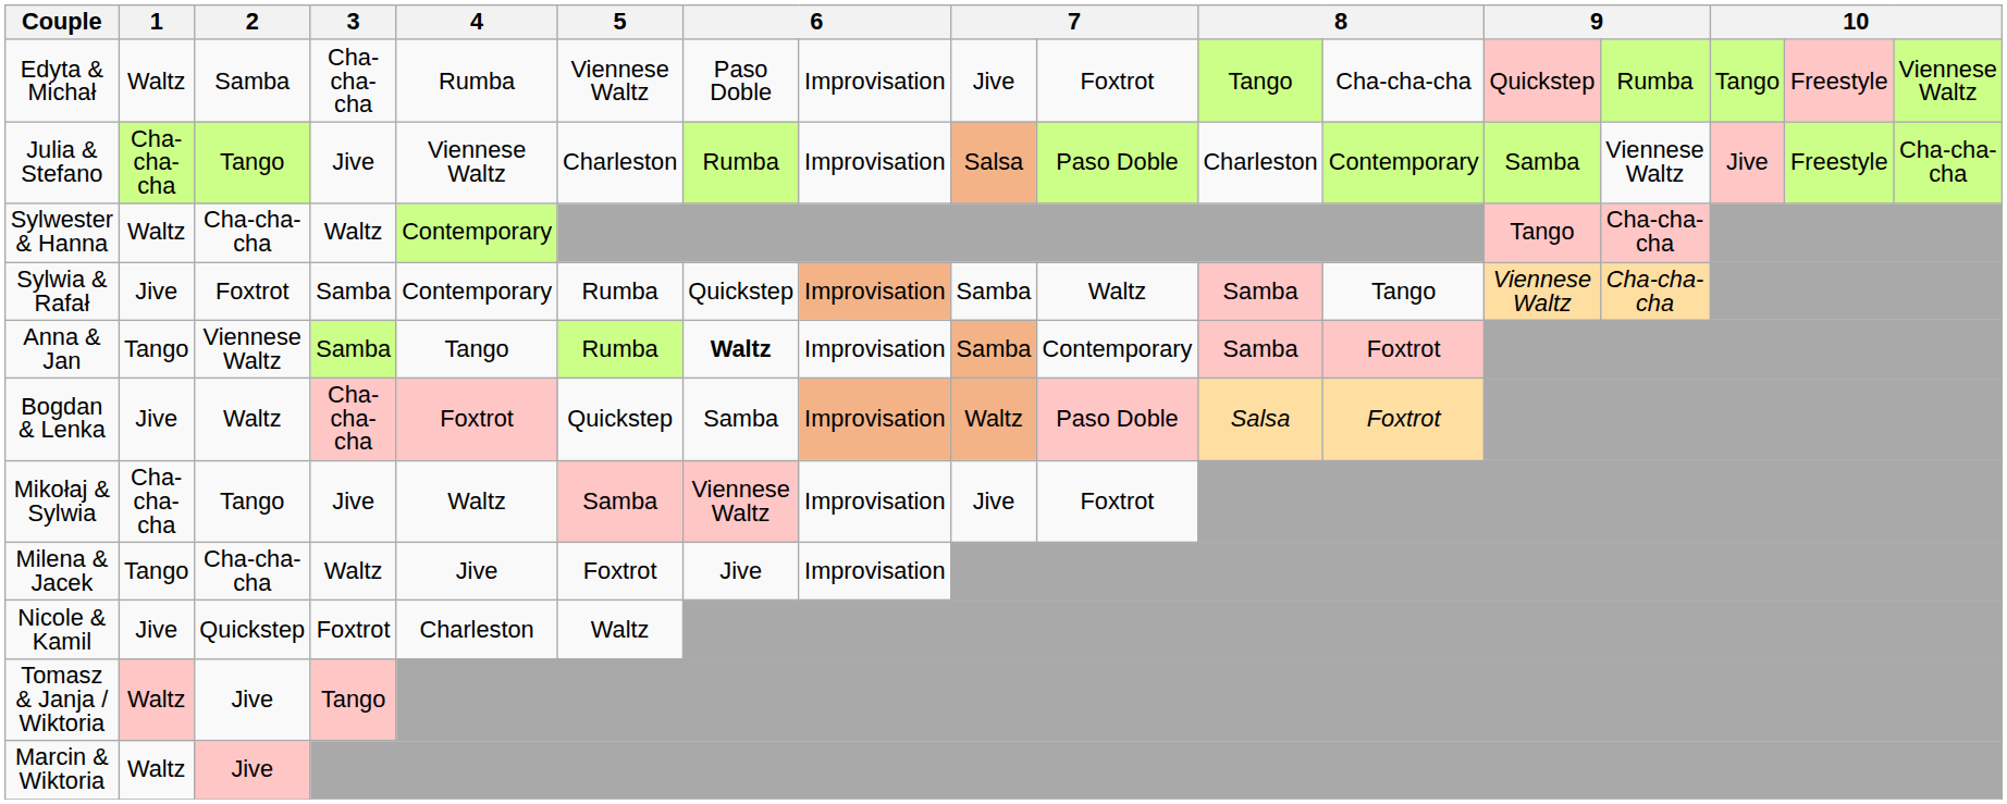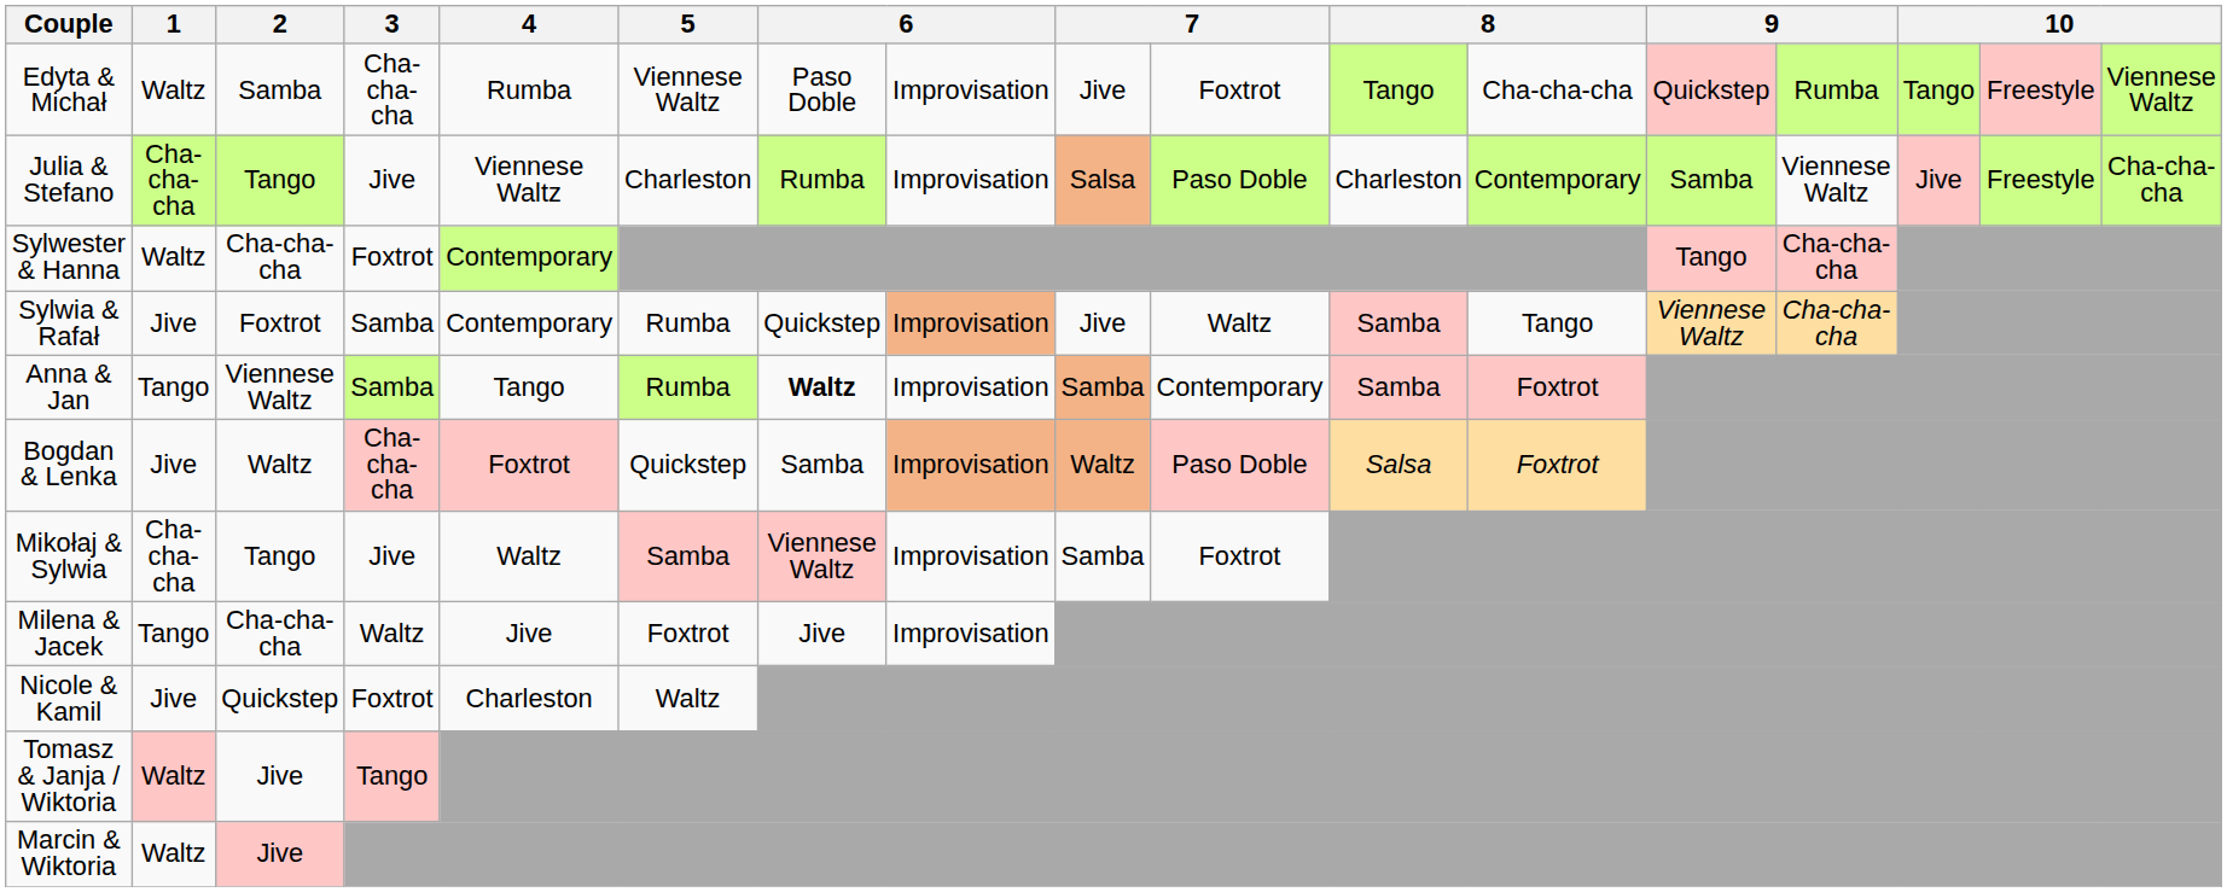 <table class="wikitable" style="text-align:center; font-size:100%; line-height:16px">
 <tr>
 <th>Couple</th>
 <th>1</th>
 <th>2</th>
 <th>3</th>
 <th>4</th>
 <th>5</th>
 <th colspan="2">6</th>
 <th colspan="2">7</th>
 <th colspan="2">8</th>
 <th colspan="2">9</th>
 <th colspan="3">10</th>
 </tr>
 <tr>
 <td>Edyta & Michał</td>
 <td>Waltz</td>
 <td>Samba</td>
 <td>Cha-cha-cha</td>
 <td>Rumba</td>
 <td>Viennese Waltz</td>
 <td>Paso Doble</td>
 <td>Improvisation</td>
 <td>Jive</td>
 <td>Foxtrot</td>
 <td style="background:#ccff88">Tango</td>
 <td>Cha-cha-cha</td>
 <td style="background:#ffc6c6">Quickstep</td>
 <td style="background:#ccff88">Rumba</td>
 <td style="background:#ccff88">Tango</td>
 <td style="background:#ffc6c6">Freestyle</td>
 <td style="background:#ccff88">Viennese Waltz</td>
 </tr>
 <tr>
 <td>Julia & Stefano</td>
 <td style="background:#ccff88">Cha-cha-cha</td>
 <td style="background:#ccff88">Tango</td>
 <td>Jive</td>
 <td>Viennese Waltz</td>
 <td>Charleston</td>
 <td style="background:#ccff88">Rumba</td>
 <td>Improvisation</td>
 <td style="background:#F3B387;">Salsa</td>
 <td style="background:#ccff88">Paso Doble</td>
 <td>Charleston</td>
 <td style="background:#ccff88">Contemporary</td>
 <td style="background:#ccff88">Samba</td>
 <td>Viennese Waltz</td>
 <td style="background:#ffc6c6">Jive</td>
 <td style="background:#ccff88">Freestyle</td>
 <td style="background:#ccff88">Cha-cha-cha</td>
 </tr>
 <tr>
 <td>Sylwester & Hanna</td>
 <td>Waltz</td>
 <td>Cha-cha-cha</td>
-<td>Waltz</td>
+<td>Foxtrot</td>
 <td style="background:#ccff88">Contemporary</td>
 <td colspan="7" style=background:darkgray></td>
 <td style="background:#ffc6c6">Tango</td>
 <td style="background:#ffc6c6">Cha-cha-cha</td>
 <td style="background:darkgrey;" colspan="4"></td>
 </tr>
 <tr>
 <td>Sylwia & Rafał</td>
 <td>Jive</td>
 <td>Foxtrot</td>
 <td>Samba</td>
 <td>Contemporary</td>
 <td>Rumba</td>
 <td>Quickstep</td>
 <td style="background:#F3B387;">Improvisation</td>
-<td>Samba</td>
+<td>Jive</td>
 <td>Waltz</td>
 <td style="background:#ffc6c6">Samba</td>
 <td>Tango</td>
 <td style="background:#FFDEA2;"><em>Viennese Waltz</em></td>
 <td style="background:#FFDEA2;"><em>Cha-cha-cha</em></td>
 <td style="background:darkgrey;" colspan="4"></td>
 </tr>
 <tr>
 <td>Anna & Jan</td>
 <td>Tango</td>
 <td>Viennese Waltz</td>
 <td style="background:#ccff88">Samba</td>
 <td>Tango</td>
 <td style="background:#ccff88">Rumba</td>
 <td><strong>Waltz</strong></td>
 <td>Improvisation</td>
 <td style="background:#F3B387;">Samba</td>
 <td>Contemporary</td>
 <td style="background:#ffc6c6">Samba</td>
 <td style="background:#ffc6c6">Foxtrot</td>
 <td style="background:darkgrey;" colspan="7"></td>
 </tr>
 <tr>
 <td>Bogdan & Lenka</td>
 <td>Jive</td>
 <td>Waltz</td>
 <td style="background:#ffc6c6">Cha-cha-cha</td>
 <td style="background:#ffc6c6">Foxtrot</td>
 <td>Quickstep</td>
 <td>Samba</td>
 <td style="background:#F3B387;">Improvisation</td>
 <td style="background:#F3B387;">Waltz</td>
 <td style="background:#ffc6c6">Paso Doble</td>
 <td style="background:#FFDEA2;"><em>Salsa</em></td>
 <td style="background:#FFDEA2;"><em>Foxtrot</em></td>
 <td style="background:darkgrey;" colspan="7"></td>
 </tr>
 <tr>
 <td>Mikołaj & Sylwia</td>
 <td>Cha-cha-cha</td>
 <td>Tango</td>
 <td>Jive</td>
 <td>Waltz</td>
 <td style="background:#ffc6c6">Samba</td>
 <td style="background:#ffc6c6">Viennese Waltz</td>
 <td>Improvisation</td>
-<td>Jive</td>
+<td>Samba</td>
 <td>Foxtrot</td>
 <td style="background:darkgrey;" colspan="9"></td>
 </tr>
 <tr>
 <td>Milena & Jacek</td>
 <td>Tango</td>
 <td>Cha-cha-cha</td>
 <td>Waltz</td>
 <td>Jive</td>
 <td>Foxtrot</td>
 <td>Jive</td>
 <td>Improvisation</td>
 <td style="background:darkgrey;" colspan="11"></td>
 </tr>
 <tr>
 <td>Nicole & Kamil</td>
 <td>Jive</td>
 <td>Quickstep</td>
 <td>Foxtrot</td>
 <td>Charleston</td>
 <td>Waltz</td>
 <td style="background:darkgrey;" colspan="13"></td>
 </tr>
 <tr>
 <td>Tomasz & Janja / Wiktoria</td>
 <td style="background:#ffc6c6">Waltz</td>
 <td>Jive</td>
 <td style="background:#ffc6c6">Tango</td>
 <td style="background:darkgrey;" colspan="15"></td>
 </tr>
 <tr>
 <td>Marcin & Wiktoria</td>
 <td>Waltz</td>
 <td style="background:#ffc6c6">Jive</td>
 <td style="background:darkgrey;" colspan="16"></td>
 </tr>
 </table>
